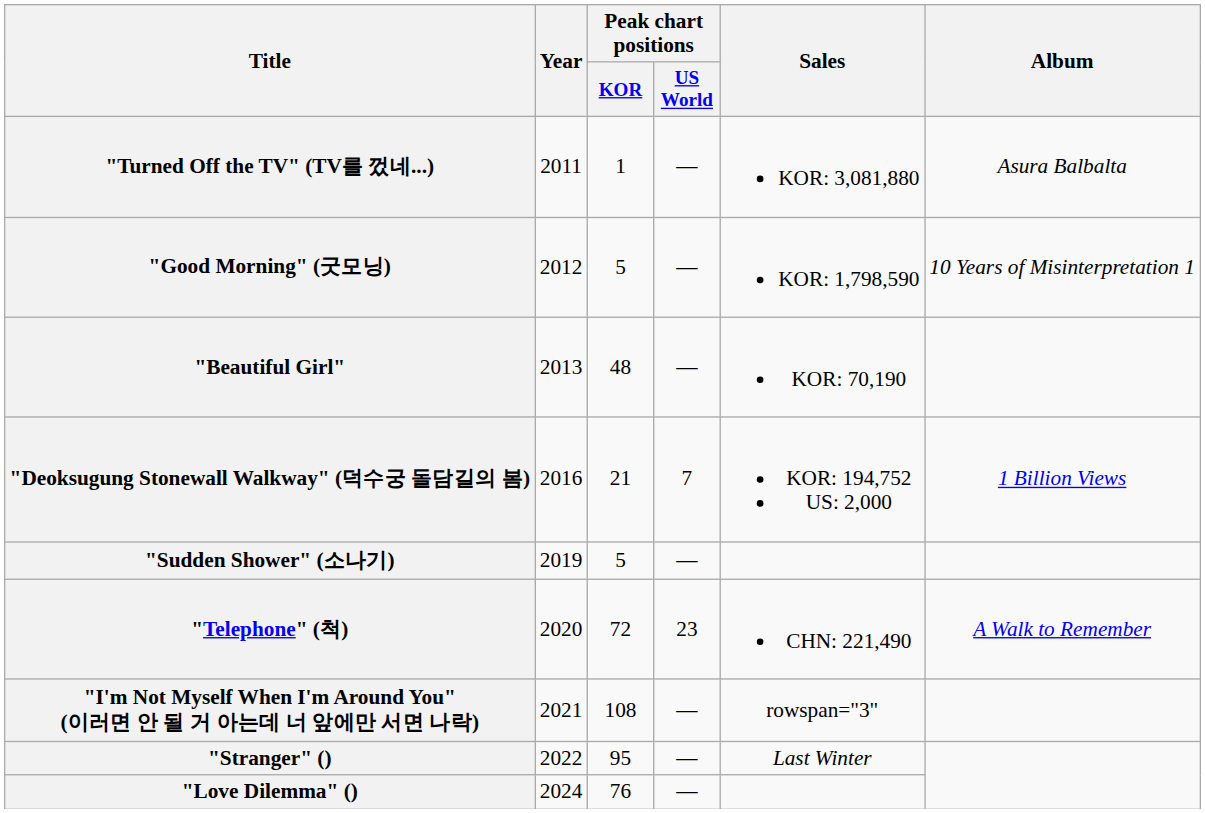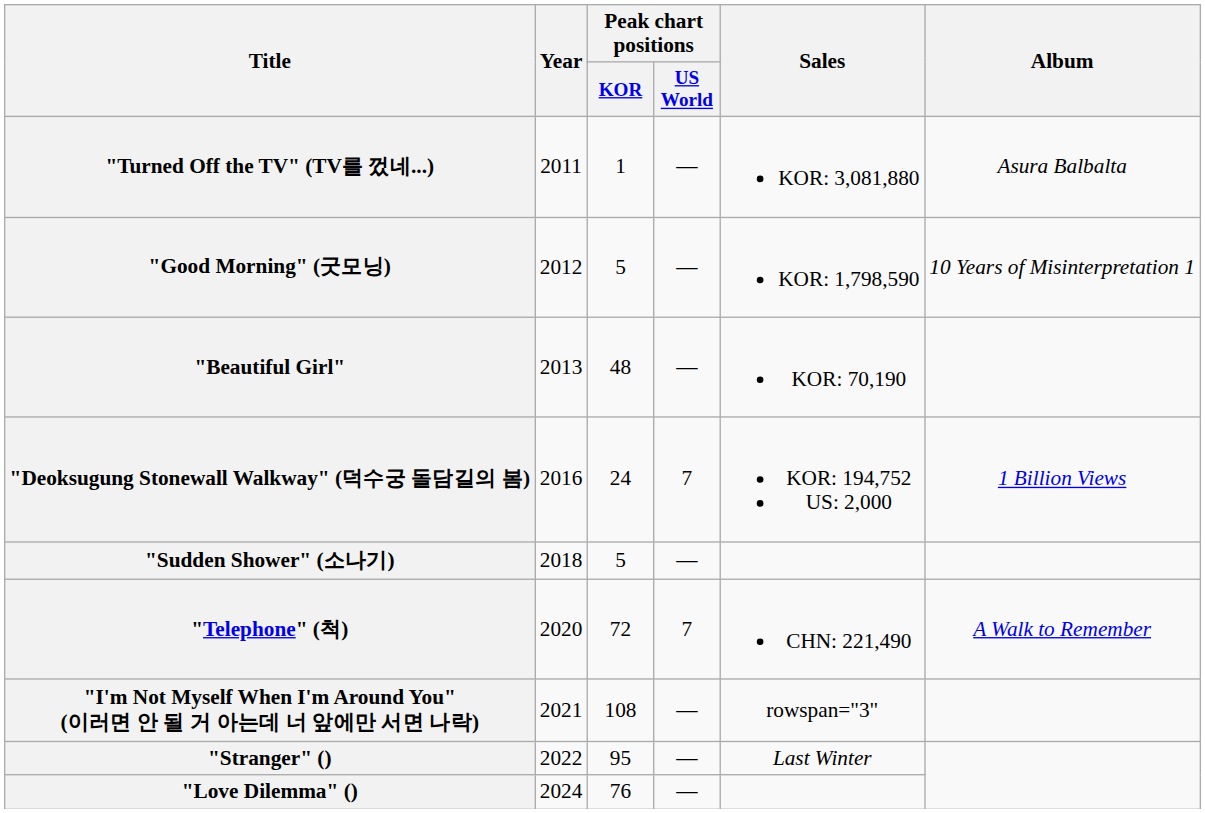 <table class="wikitable plainrowheaders" style="text-align:center;">
 <tr>
 <th scope="col" rowspan="2">Title</th>
 <th scope="col" rowspan="2">Year</th>
 <th colspan="2" scope="col">Peak chart <br> positions</th>
 <th scope="col" rowspan="2">Sales</th>
 <th scope="col" rowspan="2">Album</th>
 </tr>
 <tr>
 <th scope="col" style="width:3em;font-size:90%;"><a href='#'>KOR</a><br></th>
 <th scope="col" style="width:3em;font-size:90%;"><a href='#'>US<br>World</a><br></th>
 </tr>
 <tr>
 <th scope="row">"Turned Off the TV" (TV를 껐네...)<br></th>
 <td>2011</td>
 <td>1</td>
 <td>—</td>
 <td><br><ul><li>KOR: 3,081,880</li></ul></td>
 <td><em>Asura Balbalta</em></td>
 </tr>
 <tr>
 <th scope="row">"Good Morning" (굿모닝)<br></th>
 <td>2012</td>
 <td>5</td>
 <td>—</td>
 <td><br><ul><li>KOR: 1,798,590</li></ul></td>
 <td><em>10 Years of Misinterpretation 1</em></td>
 </tr>
 <tr>
 <th scope="row">"Beautiful Girl"<br></th>
 <td>2013</td>
 <td>48</td>
 <td>—</td>
 <td><br><ul><li>KOR: 70,190</li></ul></td>
 <td></td>
 </tr>
 <tr>
 <th scope="row">"Deoksugung Stonewall Walkway" (덕수궁 돌담길의 봄)<br></th>
 <td>2016</td>
-<td>21</td>
+<td>24</td>
 <td>7</td>
 <td><br><ul><li>KOR: 194,752</li><li>US: 2,000</li></ul></td>
 <td><em><a href='#'>1 Billion Views</a></em></td>
 </tr>
 <tr>
 <th scope="row">"Sudden Shower" (소나기)<br></th>
-<td>2019</td>
+<td>2018</td>
 <td>5</td>
 <td>—</td>
 <td></td>
 <td></td>
 </tr>
 <tr>
 <th scope="row">"<a href='#'>Telephone</a>" (척)<br></th>
 <td>2020</td>
 <td>72</td>
-<td>23</td>
+<td>7</td>
 <td><br><ul><li>CHN: 221,490</li></ul></td>
 <td><em><a href='#'>A Walk to Remember</a></em></td>
 </tr>
 <tr>
 <th scope="row">"I'm Not Myself When I'm Around You" <br> (이러면 안 될 거 아는데 너 앞에만 서면 나락) </th>
 <td>2021</td>
 <td>108</td>
 <td>—</td>
 <td>rowspan="3" </td>
 <td></td>
 </tr>
 <tr>
 <th scope="row">"Stranger" () <br> </th>
 <td>2022</td>
 <td>95</td>
 <td>—</td>
 <td><em>Last Winter</em></td>
 </tr>
 <tr>
 <th scope="row">"Love Dilemma" () <br> </th>
 <td>2024</td>
 <td>76</td>
 <td>—</td>
 <td></td>
 </tr>
 </table>
